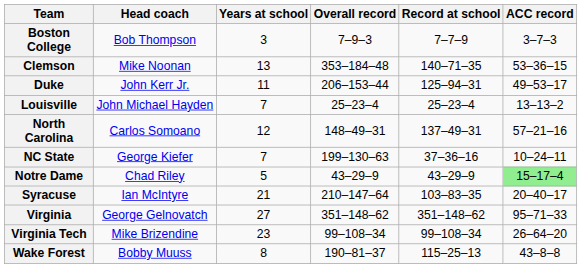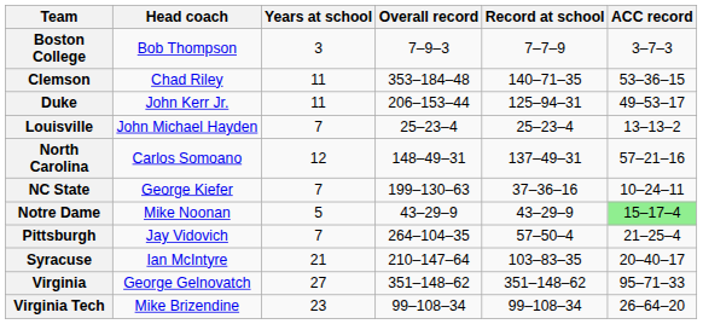 <table class="wikitable sortable" style="text-align: center;">
 <tr>
 <th width="110">Team</th>
 <th>Head coach</th>
 <th>Years at school</th>
 <th>Overall record</th>
 <th>Record at school</th>
 <th>ACC record</th>
 </tr>
 <tr>
 <th>Boston College</th>
 <td><a href='#'>Bob Thompson</a></td>
 <td>3</td>
 <td>7–9–3</td>
 <td>7–7–9</td>
 <td>3–7–3</td>
 </tr>
 <tr>
 <th>Clemson</th>
-<td><a href='#'>Mike Noonan</a></td>
-<td>13</td>
+<td><a href='#'>Chad Riley</a></td>
+<td>11</td>
 <td>353–184–48</td>
 <td>140–71–35</td>
 <td>53–36–15</td>
 </tr>
 <tr>
 <th>Duke</th>
 <td><a href='#'>John Kerr Jr.</a></td>
 <td>11</td>
 <td>206–153–44</td>
 <td>125–94–31</td>
 <td>49–53–17</td>
 </tr>
 <tr>
 <th>Louisville</th>
 <td><a href='#'>John Michael Hayden</a></td>
 <td>7</td>
 <td>25–23–4</td>
 <td>25–23–4</td>
 <td>13–13–2</td>
 </tr>
 <tr>
 <th>North Carolina</th>
 <td><a href='#'>Carlos Somoano</a></td>
 <td>12</td>
 <td>148–49–31</td>
 <td>137–49–31</td>
 <td>57–21–16</td>
 </tr>
 <tr>
 <th>NC State</th>
 <td><a href='#'>George Kiefer</a></td>
 <td>7</td>
 <td>199–130–63</td>
 <td>37–36–16</td>
 <td>10–24–11</td>
 </tr>
 <tr>
 <th>Notre Dame</th>
-<td><a href='#'>Chad Riley</a></td>
+<td><a href='#'>Mike Noonan</a></td>
 <td>5</td>
 <td>43–29–9</td>
 <td>43–29–9</td>
 <td style="background: lightgreen;">15–17–4</td>
+</tr>
+<tr>
+<th>Pittsburgh</th>
+<td><a href='#'>Jay Vidovich</a></td>
+<td>7</td>
+<td>264–104–35</td>
+<td>57–50–4</td>
+<td>21–25–4</td>
 </tr>
 <tr>
 <th>Syracuse</th>
 <td><a href='#'>Ian McIntyre</a></td>
 <td>21</td>
 <td>210–147–64</td>
 <td>103–83–35</td>
 <td>20–40–17</td>
 </tr>
 <tr>
 <th>Virginia</th>
 <td><a href='#'>George Gelnovatch</a></td>
 <td>27</td>
 <td>351–148–62</td>
 <td>351–148–62</td>
 <td>95–71–33</td>
 </tr>
 <tr>
 <th>Virginia Tech</th>
 <td><a href='#'>Mike Brizendine</a></td>
 <td>23</td>
 <td>99–108–34</td>
 <td>99–108–34</td>
 <td>26–64–20</td>
 </tr>
-<tr>
-<th>Wake Forest</th>
-<td><a href='#'>Bobby Muuss</a></td>
-<td>8</td>
-<td>190–81–37</td>
-<td>115–25–13</td>
-<td>43–8–8</td>
-</tr>
 </table>
